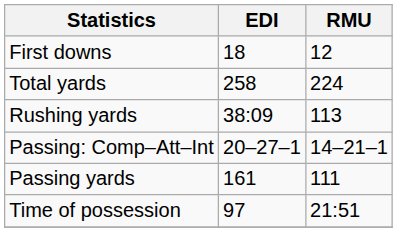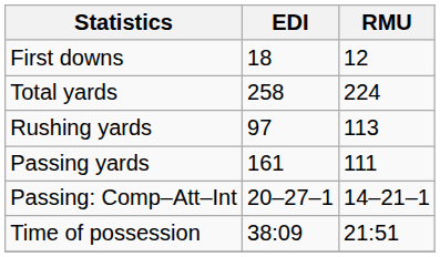 <table class="wikitable" style="float: left;">
 <tr>
 <th>Statistics</th>
 <th>EDI</th>
 <th>RMU</th>
 </tr>
 <tr>
 <td>First downs</td>
 <td>18</td>
 <td>12</td>
 </tr>
 <tr>
 <td>Total yards</td>
 <td>258</td>
 <td>224</td>
 </tr>
 <tr>
 <td>Rushing yards</td>
-<td>38:09</td>
+<td>97</td>
 <td>113</td>
+</tr>
+<tr>
+<td>Passing yards</td>
+<td>161</td>
+<td>111</td>
 </tr>
 <tr>
 <td>Passing: Comp–Att–Int</td>
 <td>20–27–1</td>
 <td>14–21–1</td>
 </tr>
 <tr>
-<td>Passing yards</td>
-<td>161</td>
-<td>111</td>
-</tr>
-<tr>
 <td>Time of possession</td>
-<td>97</td>
+<td>38:09</td>
 <td>21:51</td>
 </tr>
 <tr>
 </tr>
 </table>
